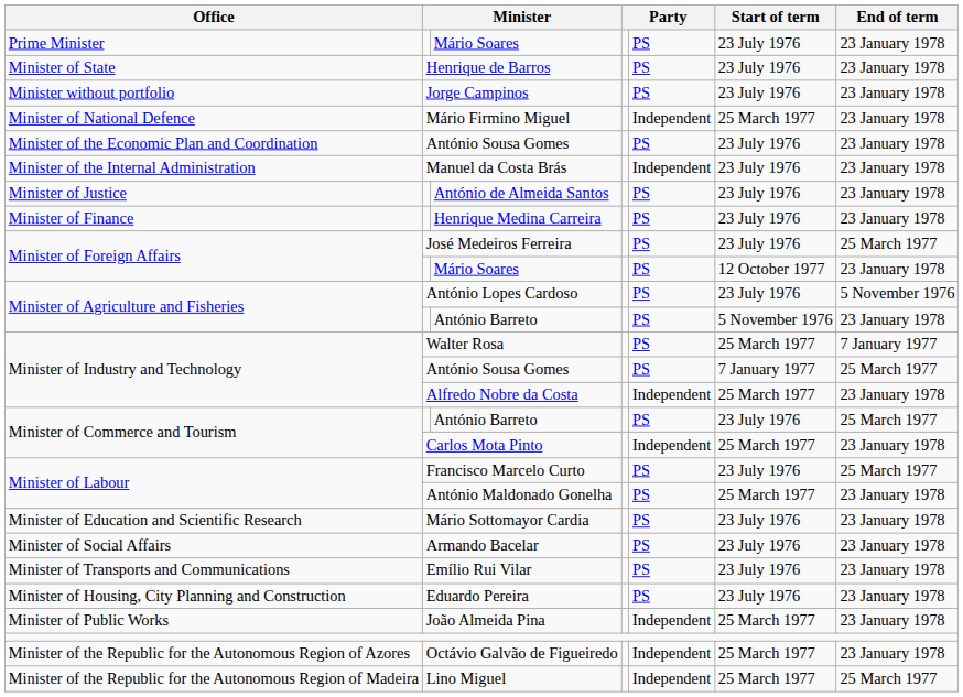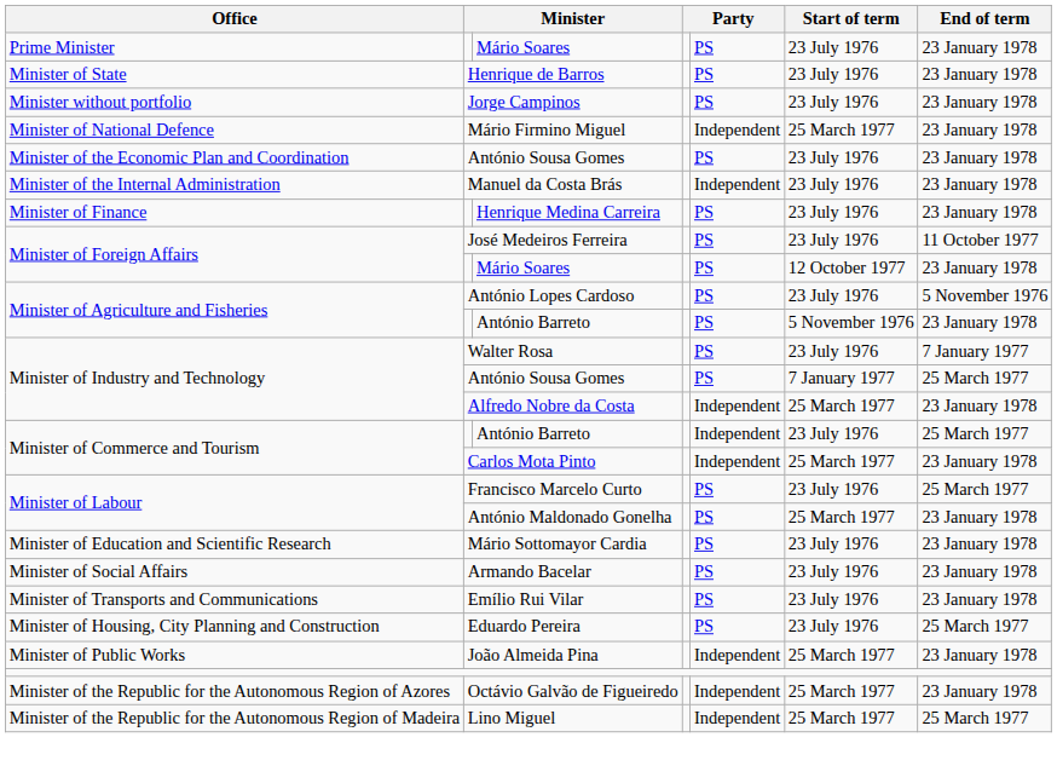 <table class="wikitable">
 <tr>
 <th>Office</th>
 <th colspan="2">Minister</th>
 <th colspan="2">Party</th>
 <th>Start of term</th>
 <th>End of term</th>
 </tr>
 <tr>
 <td><a href='#'>Prime Minister</a></td>
 <td></td>
 <td><a href='#'>Mário Soares</a></td>
 <td style="background:"></td>
 <td><a href='#'>PS</a></td>
 <td>23 July 1976</td>
 <td>23 January 1978</td>
 </tr>
 <tr>
 <td><a href='#'>Minister of State</a></td>
 <td colspan="2"><a href='#'>Henrique de Barros</a></td>
 <td style="background:"></td>
 <td><a href='#'>PS</a></td>
 <td>23 July 1976</td>
 <td>23 January 1978</td>
 </tr>
 <tr>
 <td><a href='#'>Minister without portfolio</a></td>
 <td colspan="2"><a href='#'>Jorge Campinos</a></td>
 <td style="background:"></td>
 <td><a href='#'>PS</a></td>
 <td>23 July 1976</td>
 <td>23 January 1978</td>
 </tr>
 <tr>
 <td><a href='#'>Minister of National Defence</a></td>
 <td colspan="2">Mário Firmino Miguel</td>
 <td style="background:"></td>
 <td>Independent</td>
 <td>25 March 1977</td>
 <td>23 January 1978</td>
 </tr>
 <tr>
 <td><a href='#'>Minister of the Economic Plan and Coordination</a></td>
 <td colspan="2">António Sousa Gomes</td>
 <td style="background:"></td>
 <td><a href='#'>PS</a></td>
 <td>23 July 1976</td>
 <td>23 January 1978</td>
 </tr>
 <tr>
 <td><a href='#'>Minister of the Internal Administration</a></td>
 <td colspan="2">Manuel da Costa Brás</td>
 <td style="background:"></td>
 <td>Independent</td>
 <td>23 July 1976</td>
 <td>23 January 1978</td>
 </tr>
 <tr>
-<td><a href='#'>Minister of Justice</a></td>
-<td></td>
-<td><a href='#'>António de Almeida Santos</a></td>
-<td style="background:"></td>
-<td><a href='#'>PS</a></td>
-<td>23 July 1976</td>
-<td>23 January 1978</td>
-</tr>
-<tr>
 <td><a href='#'>Minister of Finance</a></td>
 <td></td>
 <td><a href='#'>Henrique Medina Carreira</a></td>
 <td style="background:"></td>
 <td><a href='#'>PS</a></td>
 <td>23 July 1976</td>
 <td>23 January 1978</td>
 </tr>
 <tr>
 <td rowspan="2"><a href='#'>Minister of Foreign Affairs</a></td>
 <td colspan="2">José Medeiros Ferreira</td>
 <td style="background:"></td>
 <td><a href='#'>PS</a></td>
 <td>23 July 1976</td>
-<td>25 March 1977</td>
+<td>11 October 1977</td>
 </tr>
 <tr>
 <td></td>
 <td><a href='#'>Mário Soares</a></td>
 <td style="background:"></td>
 <td><a href='#'>PS</a></td>
 <td>12 October 1977</td>
 <td>23 January 1978</td>
 </tr>
 <tr>
 <td rowspan="2"><a href='#'>Minister of Agriculture and Fisheries</a></td>
 <td colspan="2">António Lopes Cardoso</td>
 <td style="background:"></td>
 <td><a href='#'>PS</a></td>
 <td>23 July 1976</td>
 <td>5 November 1976</td>
 </tr>
 <tr>
 <td></td>
 <td>António Barreto</td>
 <td style="background:"></td>
 <td><a href='#'>PS</a></td>
 <td>5 November 1976</td>
 <td>23 January 1978</td>
 </tr>
 <tr>
 <td rowspan="3">Minister of Industry and Technology</td>
 <td colspan="2">Walter Rosa</td>
 <td style="background:"></td>
 <td><a href='#'>PS</a></td>
-<td>25 March 1977</td>
+<td>23 July 1976</td>
 <td>7 January 1977</td>
 </tr>
 <tr>
 <td colspan="2">António Sousa Gomes</td>
 <td style="background:"></td>
 <td><a href='#'>PS</a></td>
 <td>7 January 1977</td>
 <td>25 March 1977</td>
 </tr>
 <tr>
 <td colspan="2"><a href='#'>Alfredo Nobre da Costa</a></td>
 <td style="background:"></td>
 <td>Independent</td>
 <td>25 March 1977</td>
 <td>23 January 1978</td>
 </tr>
 <tr>
 <td rowspan="2">Minister of Commerce and Tourism</td>
 <td></td>
 <td>António Barreto</td>
 <td style="background:"></td>
-<td><a href='#'>PS</a></td>
+<td>Independent</td>
 <td>23 July 1976</td>
 <td>25 March 1977</td>
 </tr>
 <tr>
 <td colspan="2"><a href='#'>Carlos Mota Pinto</a></td>
 <td style="background:"></td>
 <td>Independent</td>
 <td>25 March 1977</td>
 <td>23 January 1978</td>
 </tr>
 <tr>
 <td rowspan="2"><a href='#'>Minister of Labour</a></td>
 <td colspan="2">Francisco Marcelo Curto</td>
 <td style="background:"></td>
 <td><a href='#'>PS</a></td>
 <td>23 July 1976</td>
 <td>25 March 1977</td>
 </tr>
 <tr>
 <td colspan="2">António Maldonado Gonelha</td>
 <td style="background:"></td>
 <td><a href='#'>PS</a></td>
 <td>25 March 1977</td>
 <td>23 January 1978</td>
 </tr>
 <tr>
 <td>Minister of Education and Scientific Research</td>
 <td colspan="2">Mário Sottomayor Cardia</td>
 <td style="background:"></td>
 <td><a href='#'>PS</a></td>
 <td>23 July 1976</td>
 <td>23 January 1978</td>
 </tr>
 <tr>
 <td>Minister of Social Affairs</td>
 <td colspan="2">Armando Bacelar</td>
 <td style="background:"></td>
 <td><a href='#'>PS</a></td>
 <td>23 July 1976</td>
 <td>23 January 1978</td>
 </tr>
 <tr>
 <td>Minister of Transports and Communications</td>
 <td colspan="2">Emílio Rui Vilar</td>
 <td style="background:"></td>
 <td><a href='#'>PS</a></td>
 <td>23 July 1976</td>
 <td>23 January 1978</td>
 </tr>
 <tr>
 <td>Minister of Housing, City Planning and Construction</td>
 <td colspan="2">Eduardo Pereira</td>
 <td style="background:"></td>
 <td><a href='#'>PS</a></td>
 <td>23 July 1976</td>
-<td>23 January 1978</td>
+<td>25 March 1977</td>
 </tr>
 <tr>
 <td>Minister of Public Works</td>
 <td colspan="2">João Almeida Pina</td>
 <td style="background:"></td>
 <td>Independent</td>
 <td>25 March 1977</td>
 <td>23 January 1978</td>
 </tr>
 <tr>
 <td colspan="7"></td>
 </tr>
 <tr>
 <td>Minister of the Republic for the Autonomous Region of Azores</td>
 <td colspan="2">Octávio Galvão de Figueiredo</td>
 <td style="background:"></td>
 <td>Independent</td>
 <td>25 March 1977</td>
 <td>23 January 1978</td>
 </tr>
 <tr>
 <td>Minister of the Republic for the Autonomous Region of Madeira</td>
 <td colspan="2">Lino Miguel</td>
 <td style="background:"></td>
 <td>Independent</td>
 <td>25 March 1977</td>
 <td>25 March 1977</td>
 </tr>
 </table>
